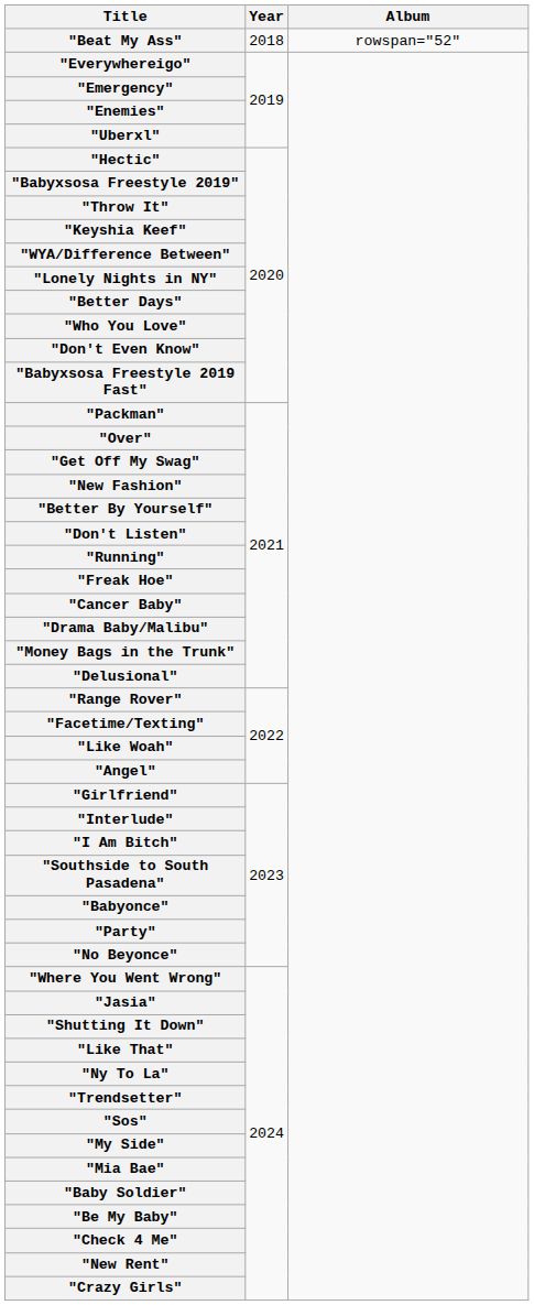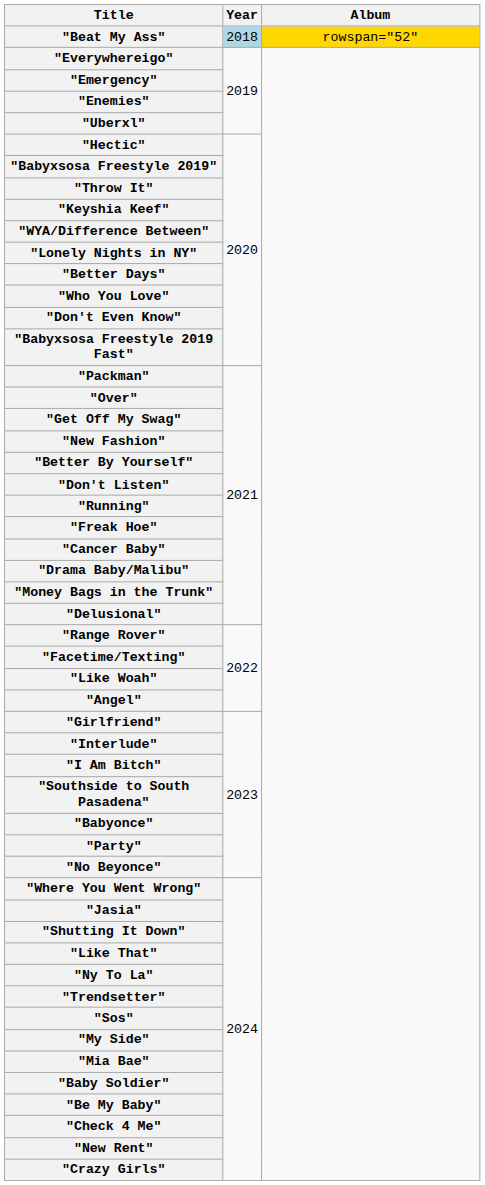 <table class="wikitable plainrowheaders" style="text-align:center;">
 <tr>
 <th scope="col" style="width:16em;">Title</th>
 <th scope="col" style="width:1em;">Year</th>
 <th scope="col" style="width:16em;">Album</th>
 </tr>
 <tr>
 <th scope="row">"Beat My Ass"</th>
-<td>2018</td>
-<td>rowspan="52" </td>
+<td style="background: lightblue;">2018</td>
+<td style="background: gold;">rowspan="52" </td>
 </tr>
 <tr>
 <th scope="row">"Everywhereigo"</th>
 <td rowspan="4">2019</td>
 </tr>
 <tr>
 <th scope="row">"Emergency"</th>
 </tr>
 <tr>
 <th scope="row">"Enemies"</th>
 </tr>
 <tr>
 <th scope="row">"Uberxl"<br></th>
 </tr>
 <tr>
 <th scope="row">"Hectic"</th>
 <td rowspan="10">2020</td>
 </tr>
 <tr>
 <th scope="row">"Babyxsosa Freestyle 2019"</th>
 </tr>
 <tr>
 <th scope="row">"Throw It"</th>
 </tr>
 <tr>
 <th scope="row">"Keyshia Keef"</th>
 </tr>
 <tr>
 <th scope="row">"WYA/Difference Between"</th>
 </tr>
 <tr>
 <th scope="row">"Lonely Nights in NY"</th>
 </tr>
 <tr>
 <th scope="row">"Better Days"</th>
 </tr>
 <tr>
 <th scope="row">"Who You Love"</th>
 </tr>
 <tr>
 <th scope="row">"Don't Even Know"</th>
 </tr>
 <tr>
 <th scope="row">"Babyxsosa Freestyle 2019 Fast"</th>
 </tr>
 <tr>
 <th scope="row">"Packman"</th>
 <td rowspan="12">2021</td>
 </tr>
 <tr>
 <th scope="row">"Over"</th>
 </tr>
 <tr>
 <th scope="row">"Get Off My Swag"</th>
 </tr>
 <tr>
 <th scope="row">"New Fashion"</th>
 </tr>
 <tr>
 <th scope="row">"Better By Yourself"</th>
 </tr>
 <tr>
 <th scope="row">"Don't Listen"</th>
 </tr>
 <tr>
 <th scope="row">"Running"</th>
 </tr>
 <tr>
 <th scope="row">"Freak Hoe"</th>
 </tr>
 <tr>
 <th scope="row">"Cancer Baby"</th>
 </tr>
 <tr>
 <th scope="row">"Drama Baby/Malibu"</th>
 </tr>
 <tr>
 <th scope="row">"Money Bags in the Trunk"</th>
 </tr>
 <tr>
 <th scope="row">"Delusional"</th>
 </tr>
 <tr>
 <th scope="row">"Range Rover"</th>
 <td rowspan="4">2022</td>
 </tr>
 <tr>
 <th scope="row">"Facetime/Texting"</th>
 </tr>
 <tr>
 <th scope="row">"Like Woah"</th>
 </tr>
 <tr>
 <th scope="row">"Angel"</th>
 </tr>
 <tr>
 <th scope="row">"Girlfriend"</th>
 <td rowspan="7">2023</td>
 </tr>
 <tr>
 <th scope="row">"Interlude"</th>
 </tr>
 <tr>
 <th scope="row">"I Am Bitch"</th>
 </tr>
 <tr>
 <th scope="row">"Southside to South Pasadena"</th>
 </tr>
 <tr>
 <th scope="row">"Babyonce"</th>
 </tr>
 <tr>
 <th scope="row">"Party"</th>
 </tr>
 <tr>
 <th scope="row">"No Beyonce"</th>
 </tr>
 <tr>
 <th scope="row">"Where You Went Wrong"</th>
 <td rowspan="14">2024</td>
 </tr>
 <tr>
 <th scope="row">"Jasia"</th>
 </tr>
 <tr>
 <th scope="row">"Shutting It Down"</th>
 </tr>
 <tr>
 <th scope="row">"Like That"</th>
 </tr>
 <tr>
 <th scope="row">"Ny To La"</th>
 </tr>
 <tr>
 <th scope="row">"Trendsetter"</th>
 </tr>
 <tr>
 <th scope="row">"Sos"</th>
 </tr>
 <tr>
 <th scope="row">"My Side"</th>
 </tr>
 <tr>
 <th scope="row">"Mia Bae"</th>
 </tr>
 <tr>
 <th scope="row">"Baby Soldier"</th>
 </tr>
 <tr>
 <th scope="row">"Be My Baby"</th>
 </tr>
 <tr>
 <th scope="row">"Check 4 Me"</th>
 </tr>
 <tr>
 <th scope="row">"New Rent"</th>
 </tr>
 <tr>
 <th scope="row">"Crazy Girls"</th>
 </tr>
 </table>
